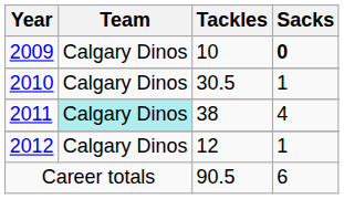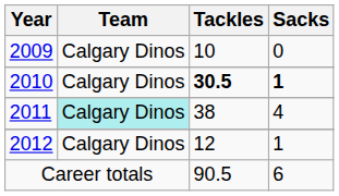 <table class="wikitable">
 <tr>
 <th>Year</th>
 <th>Team</th>
 <th>Tackles</th>
 <th>Sacks</th>
 </tr>
 <tr>
 <td><a href='#'>2009</a></td>
 <td>Calgary Dinos</td>
 <td>10</td>
-<td><strong>0</strong></td>
+<td>0</td>
 </tr>
 <tr>
 </tr>
 <tr>
 <td><a href='#'>2010</a></td>
 <td>Calgary Dinos</td>
-<td>30.5</td>
-<td>1</td>
+<td><strong>30.5</strong></td>
+<td><strong>1</strong></td>
 </tr>
 <tr>
 </tr>
 <tr>
 <td><a href='#'>2011</a></td>
 <td style="background: paleturquoise;">Calgary Dinos</td>
 <td>38</td>
 <td>4</td>
 </tr>
 <tr>
 </tr>
 <tr>
 <td><a href='#'>2012</a></td>
 <td>Calgary Dinos</td>
 <td>12</td>
 <td>1</td>
 </tr>
 <tr>
 <td colspan=2 style="text-align: center;">Career totals</td>
 <td>90.5</td>
 <td>6</td>
 </tr>
 </table>
